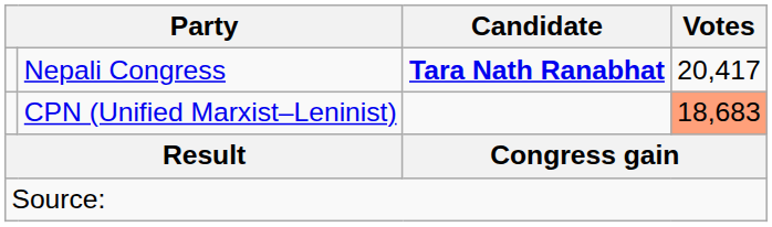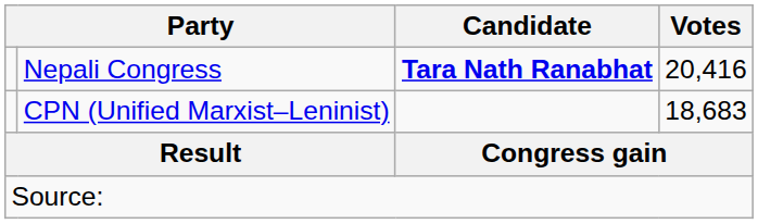 <table class="wikitable">
 <tr>
 <th colspan="2">Party</th>
 <th>Candidate</th>
 <th>Votes</th>
 </tr>
 <tr>
 <td style="background-color:"></td>
 <td><a href='#'>Nepali Congress</a></td>
 <td><strong><a href='#'>Tara Nath Ranabhat</a></strong></td>
-<td>20,417</td>
+<td>20,416</td>
 </tr>
 <tr>
 <td style="background-color:"></td>
 <td><a href='#'>CPN (Unified Marxist–Leninist)</a></td>
 <td></td>
-<td style="background: lightsalmon;">18,683</td>
+<td>18,683</td>
 </tr>
 <tr>
 <th colspan="2">Result</th>
 <th colspan="2">Congress gain</th>
 </tr>
 <tr>
 <td colspan="4">Source: </td>
 </tr>
 </table>
